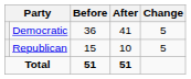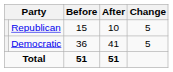 <table class="wikitable" style="text-align:center;">
 <tr>
 <th colspan="2">Party</th>
 <th>Before</th>
 <th>After</th>
 <th>Change</th>
 </tr>
 <tr>
 <th style="background-color:"></th>
-<td style="text-align:left;"><a href='#'>Democratic</a></td>
-<td>36</td>
-<td>41</td>
+<td style="text-align:left;"><a href='#'>Republican</a></td>
+<td>15</td>
+<td>10</td>
 <td> 5</td>
 </tr>
 <tr>
 <th style="background-color:"></th>
-<td style="text-align:left;"><a href='#'>Republican</a></td>
-<td>15</td>
-<td>10</td>
+<td style="text-align:left;"><a href='#'>Democratic</a></td>
+<td>36</td>
+<td>41</td>
 <td> 5</td>
 </tr>
 <tr>
 <td colspan="2"><strong>Total</strong></td>
 <td><strong>51</strong></td>
 <td><strong>51</strong></td>
 <td></td>
 </tr>
 </table>
